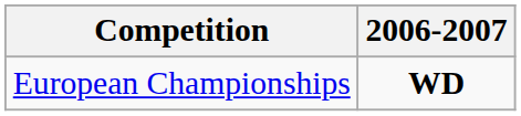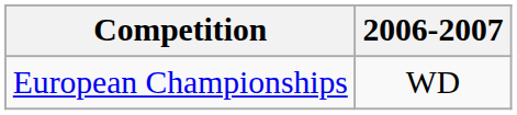 <table class="wikitable">
 <tr>
 <th>Competition</th>
 <th>2006-2007</th>
 </tr>
 <tr>
 <td><a href='#'>European Championships</a></td>
-<td align="center"><strong>WD</strong></td>
+<td align="center">WD</td>
 </tr>
 </table>
